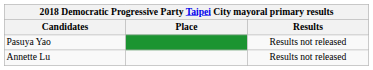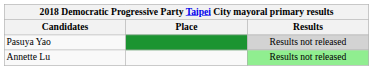 <table class="wikitable collapsible">
 <tr>
 <th colspan="5" width=600>2018 Democratic Progressive Party <a href='#'>Taipei</a> City mayoral primary results</th>
 </tr>
 <tr>
 <th width=80>Candidates</th>
 <th width=80>Place</th>
 <th width=80>Results</th>
 </tr>
 <tr>
 <td>Pasuya Yao</td>
 <td style="background: #1B9431; text-align:center"><strong></strong></td>
-<td style="text-align:center">Results not released</td>
+<td style="background: lightgrey; text-align:center">Results not released</td>
 </tr>
 <tr>
 <td>Annette Lu</td>
 <td style="background: #; text-align:center"></td>
-<td style="text-align:center">Results not released</td>
+<td style="background: lightgreen; text-align:center">Results not released</td>
 </tr>
 </table>
